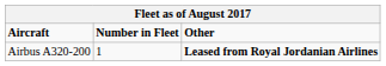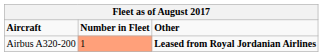 <table class="wikitable">
 <tr>
 <th colspan="3">Fleet as of August 2017</th>
 </tr>
 <tr>
 <td><strong>Aircraft</strong></td>
 <td><strong>Number in Fleet</strong></td>
 <td><strong>Other</strong></td>
 </tr>
 <tr>
 <td>Airbus A320-200</td>
-<td>1</td>
+<td style="background: lightsalmon;">1</td>
 <td><strong>Leased from Royal Jordanian Airlines</strong></td>
 </tr>
 </table>
